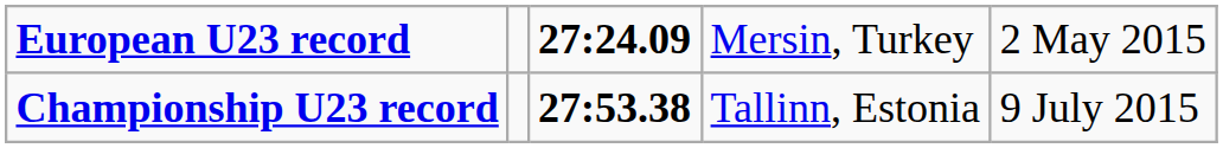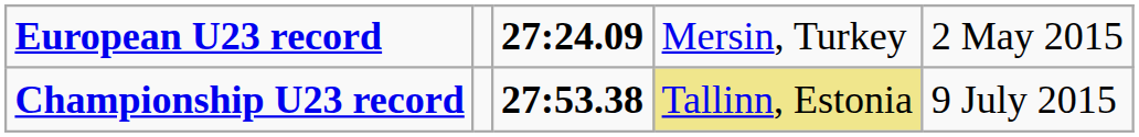 <table class="wikitable">
 <tr>
 <td><strong><a href='#'>European U23 record</a></strong></td>
 <td></td>
 <td><strong>27:24.09</strong></td>
 <td><a href='#'>Mersin</a>, Turkey</td>
 <td>2 May 2015</td>
 </tr>
 <tr>
 <td><strong><a href='#'>Championship U23 record</a></strong></td>
 <td></td>
 <td><strong>27:53.38</strong></td>
-<td><a href='#'>Tallinn</a>, Estonia</td>
+<td style="background: khaki;"><a href='#'>Tallinn</a>, Estonia</td>
 <td>9 July 2015</td>
 </tr>
 </table>
